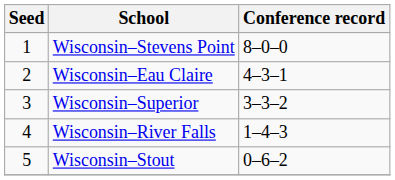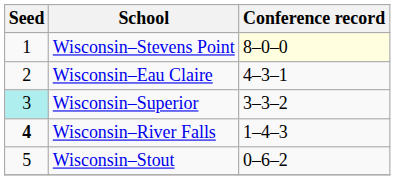 <table class="wikitable">
 <tr>
 <th>Seed</th>
 <th>School</th>
 <th>Conference record</th>
 </tr>
 <tr>
 <td align=center>1</td>
 <td><a href='#'>Wisconsin–Stevens Point</a></td>
-<td>8–0–0</td>
+<td style="background: lightyellow;">8–0–0</td>
 </tr>
 <tr>
 <td align=center>2</td>
 <td><a href='#'>Wisconsin–Eau Claire</a></td>
 <td>4–3–1</td>
 </tr>
 <tr>
-<td align=center>3</td>
+<td align=center style="background: paleturquoise;">3</td>
 <td><a href='#'>Wisconsin–Superior</a></td>
 <td>3–3–2</td>
 </tr>
 <tr>
-<td align=center>4</td>
+<td align=center><strong>4</strong></td>
 <td><a href='#'>Wisconsin–River Falls</a></td>
 <td>1–4–3</td>
 </tr>
 <tr>
 <td align=center>5</td>
 <td><a href='#'>Wisconsin–Stout</a></td>
 <td>0–6–2</td>
 </tr>
 <tr>
 </tr>
 </table>
